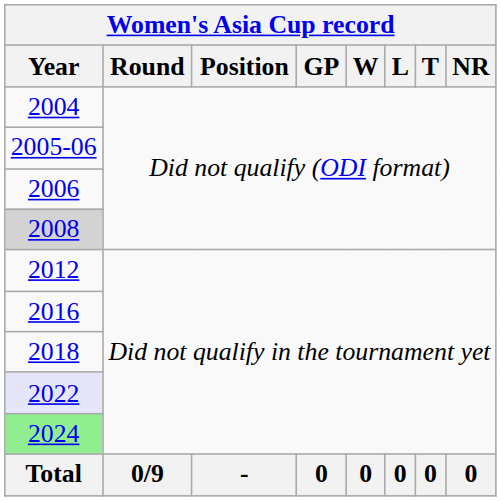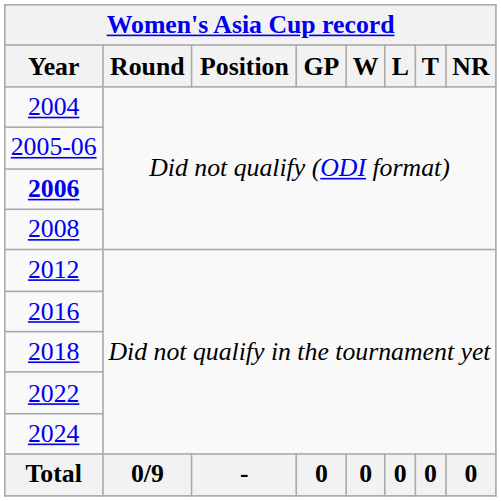 <table class="wikitable" style="text-align: center; width=900px;">
 <tr>
 <th colspan="8"><a href='#'>Women's Asia Cup record</a></th>
 </tr>
 <tr>
 <th>Year</th>
 <th>Round</th>
 <th>Position</th>
 <th>GP</th>
 <th>W</th>
 <th>L</th>
 <th>T</th>
 <th>NR</th>
 </tr>
 <tr>
 <td><a href='#'>2004</a> </td>
 <td colspan="7" rowspan="4"><em>Did not qualify (<a href='#'>ODI</a> format)</em></td>
 </tr>
 <tr>
 <td><a href='#'>2005-06</a> </td>
 </tr>
 <tr>
-<td><a href='#'>2006</a> </td>
+<td><strong><a href='#'>2006</a> </strong></td>
 </tr>
 <tr>
-<td style="background: lightgrey;"><a href='#'>2008</a> </td>
+<td><a href='#'>2008</a> </td>
 </tr>
 <tr>
 <td><a href='#'>2012</a> </td>
 <td colspan="7" rowspan="5"><em>Did not qualify in the tournament yet</em></td>
 </tr>
 <tr>
 <td><a href='#'>2016</a> </td>
 </tr>
 <tr>
 <td><a href='#'>2018</a> </td>
 </tr>
 <tr>
-<td style="background: lavender;"><a href='#'>2022</a> </td>
+<td><a href='#'>2022</a> </td>
 </tr>
 <tr>
-<td style="background: lightgreen;"><a href='#'>2024</a> </td>
+<td><a href='#'>2024</a> </td>
 </tr>
 <tr>
 <th>Total</th>
 <th>0/9</th>
 <th>-</th>
 <th>0</th>
 <th>0</th>
 <th>0</th>
 <th>0</th>
 <th>0</th>
 </tr>
 </table>
